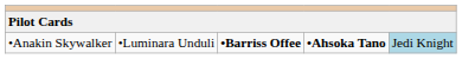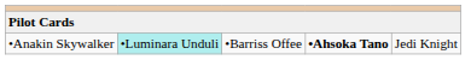 <table class="wikitable sortable">
 <tr style="background:#EACAA8;">
 <td colspan="8"></td>
 </tr>
 <tr style="background:#f0f0f0;">
 <td colspan="7"><strong>Pilot Cards</strong></td>
 </tr>
 <tr>
 <td>•Anakin Skywalker</td>
-<td>•Luminara Unduli</td>
-<td><strong>•Barriss Offee</strong></td>
+<td style="background: paleturquoise;">•Luminara Unduli</td>
+<td>•Barriss Offee</td>
 <td><strong>•Ahsoka Tano</strong></td>
-<td style="background: lightblue;">Jedi Knight</td>
+<td>Jedi Knight</td>
 </tr>
 </table>
